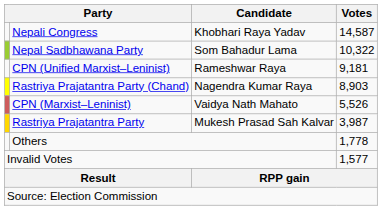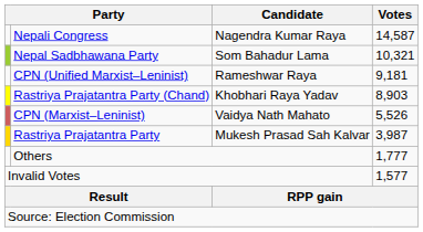 <table class="wikitable">
 <tr>
 <th colspan="2">Party</th>
 <th>Candidate</th>
 <th>Votes</th>
 </tr>
 <tr>
 <td style="background-color:"></td>
 <td><a href='#'>Nepali Congress</a></td>
-<td>Khobhari Raya Yadav</td>
+<td>Nagendra Kumar Raya</td>
 <td>14,587</td>
 </tr>
 <tr>
 <td style="background-color:yellowgreen"></td>
 <td><a href='#'>Nepal Sadbhawana Party</a></td>
 <td>Som Bahadur Lama</td>
-<td>10,322</td>
+<td>10,321</td>
 </tr>
 <tr>
 <td style="background-color:"></td>
 <td><a href='#'>CPN (Unified Marxist–Leninist)</a></td>
 <td>Rameshwar Raya</td>
 <td>9,181</td>
 </tr>
 <tr>
 <td style="background-color:yellow"></td>
 <td><a href='#'>Rastriya Prajatantra Party (Chand)</a></td>
-<td>Nagendra Kumar Raya</td>
+<td>Khobhari Raya Yadav</td>
 <td>8,903</td>
 </tr>
 <tr>
 <td style="background-color:indianred"></td>
 <td><a href='#'>CPN (Marxist–Leninist)</a></td>
 <td>Vaidya Nath Mahato</td>
 <td>5,526</td>
 </tr>
 <tr>
 <td style="background-color:gold"></td>
 <td><a href='#'>Rastriya Prajatantra Party</a></td>
 <td>Mukesh Prasad Sah Kalvar</td>
 <td>3,987</td>
 </tr>
 <tr>
 <td></td>
 <td colspan="2">Others</td>
-<td>1,778</td>
+<td>1,777</td>
 </tr>
 <tr>
 <td colspan="3">Invalid Votes</td>
 <td>1,577</td>
 </tr>
 <tr>
 <th colspan="2">Result</th>
 <th colspan="2">RPP gain</th>
 </tr>
 <tr>
 <td colspan="4">Source: Election Commission</td>
 </tr>
 </table>
